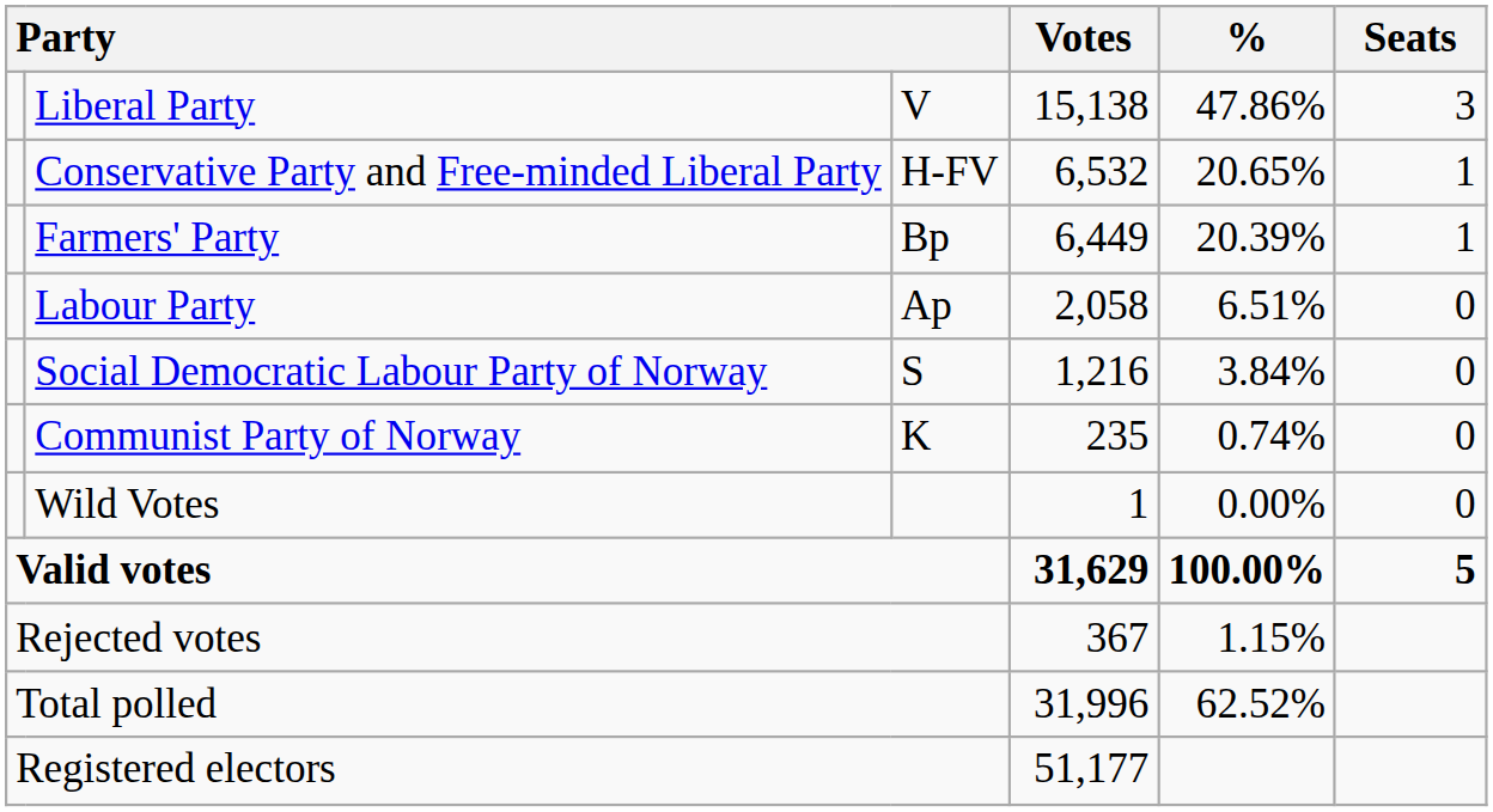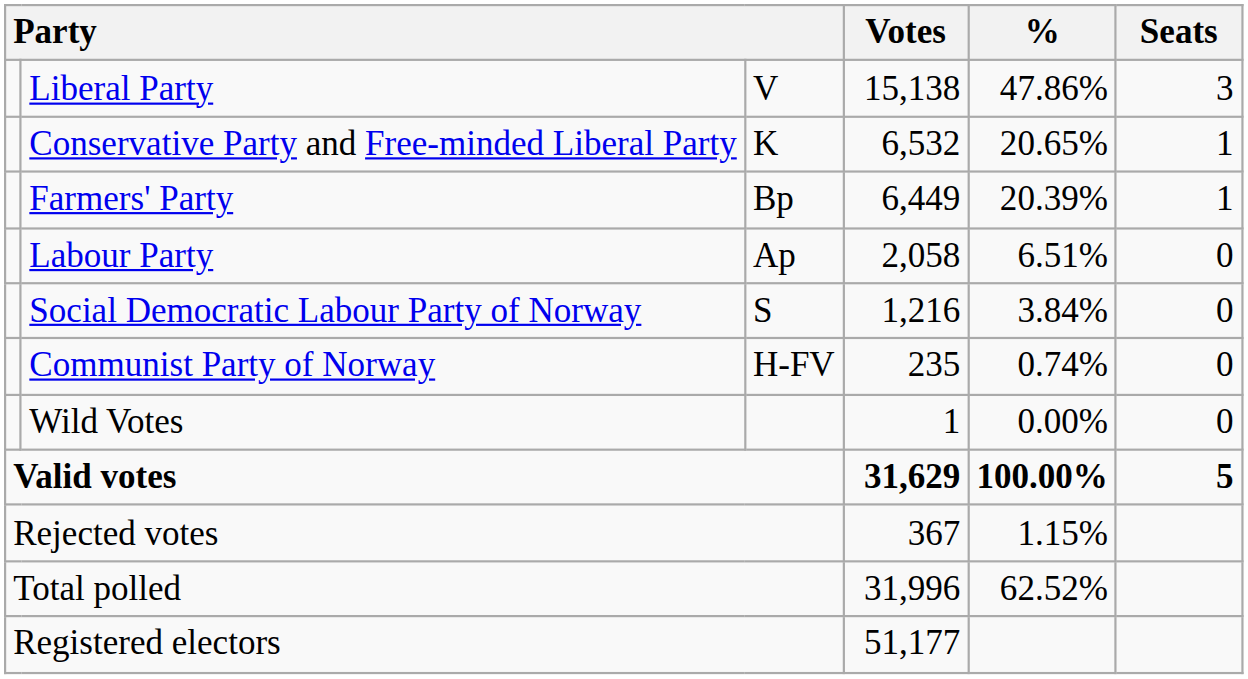 <table class="wikitable" border="1" style="text-align:right;">
 <tr>
 <th style="text-align:left;" colspan=3>Party</th>
 <th align=center width="50">Votes</th>
 <th align=center width="50">%</th>
 <th align=center width="50">Seats</th>
 </tr>
 <tr>
 <td style="color:inherit;background:"></td>
 <td align=left><a href='#'>Liberal Party</a></td>
 <td align=left>V</td>
 <td>15,138</td>
 <td>47.86%</td>
 <td>3</td>
 </tr>
 <tr>
 <td></td>
 <td align=left><a href='#'>Conservative Party</a> and <a href='#'>Free-minded Liberal Party</a></td>
-<td align=left>H-FV</td>
+<td align=left>K</td>
 <td>6,532</td>
 <td>20.65%</td>
 <td>1</td>
 </tr>
 <tr>
 <td style="color:inherit;background:"></td>
 <td align=left><a href='#'>Farmers' Party</a></td>
 <td align=left>Bp</td>
 <td>6,449</td>
 <td>20.39%</td>
 <td>1</td>
 </tr>
 <tr>
 <td style="color:inherit;background:"></td>
 <td align=left><a href='#'>Labour Party</a></td>
 <td align=left>Ap</td>
 <td>2,058</td>
 <td>6.51%</td>
 <td>0</td>
 </tr>
 <tr>
 <td style="color:inherit;background:"></td>
 <td align=left><a href='#'>Social Democratic Labour Party of Norway</a></td>
 <td align=left>S</td>
 <td>1,216</td>
 <td>3.84%</td>
 <td>0</td>
 </tr>
 <tr>
 <td style="color:inherit;background:"></td>
 <td align=left><a href='#'>Communist Party of Norway</a></td>
-<td align=left>K</td>
+<td align=left>H-FV</td>
 <td>235</td>
 <td>0.74%</td>
 <td>0</td>
 </tr>
 <tr>
 <td></td>
 <td align=left>Wild Votes</td>
 <td align=left></td>
 <td>1</td>
 <td>0.00%</td>
 <td>0</td>
 </tr>
 <tr style="font-weight:bold">
 <td align=left colspan=3>Valid votes</td>
 <td>31,629</td>
 <td>100.00%</td>
 <td>5</td>
 </tr>
 <tr>
 <td align=left colspan=3>Rejected votes</td>
 <td>367</td>
 <td>1.15%</td>
 <td></td>
 </tr>
 <tr>
 <td align=left colspan=3>Total polled</td>
 <td>31,996</td>
 <td>62.52%</td>
 <td></td>
 </tr>
 <tr>
 <td align=left colspan=3>Registered electors</td>
 <td>51,177</td>
 <td></td>
 <td></td>
 </tr>
 </table>
